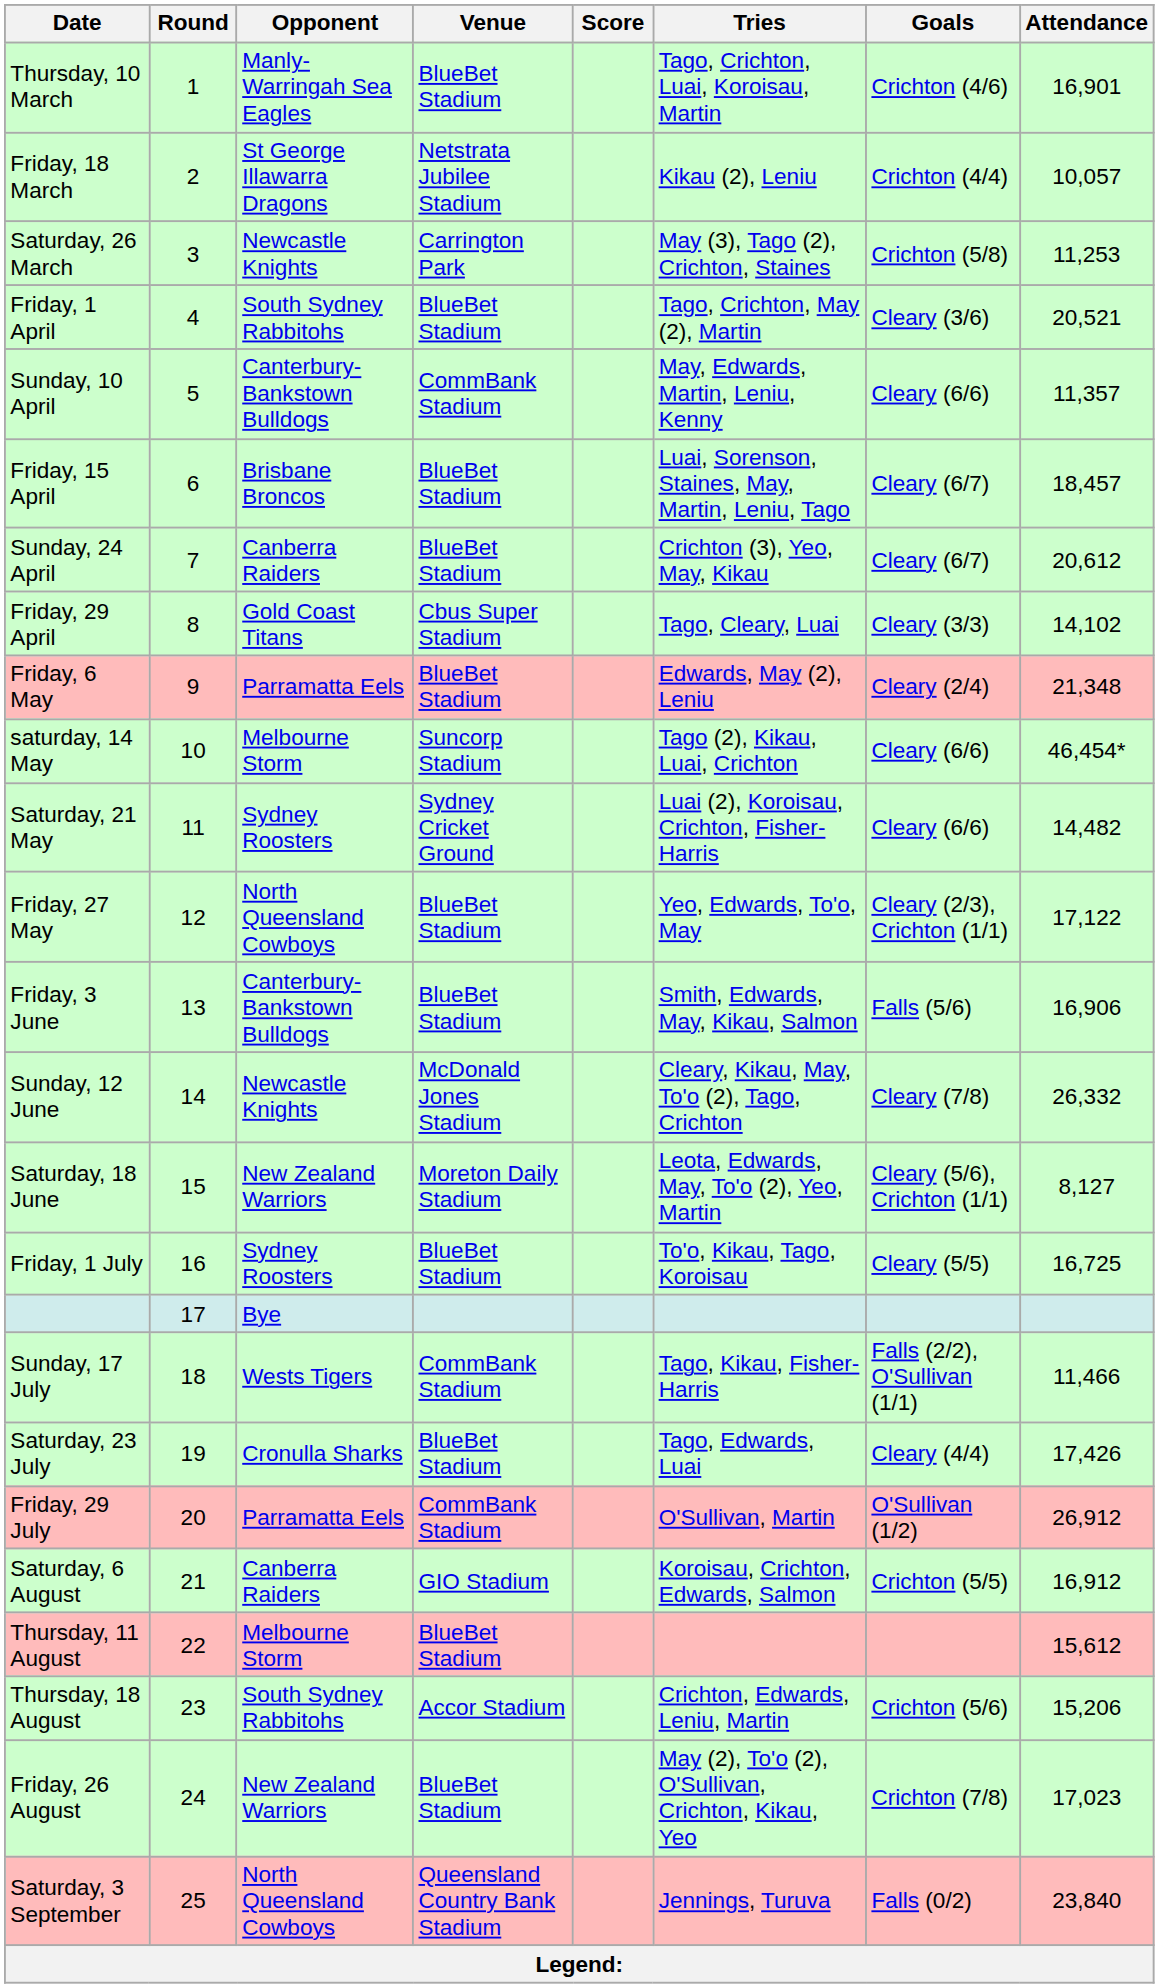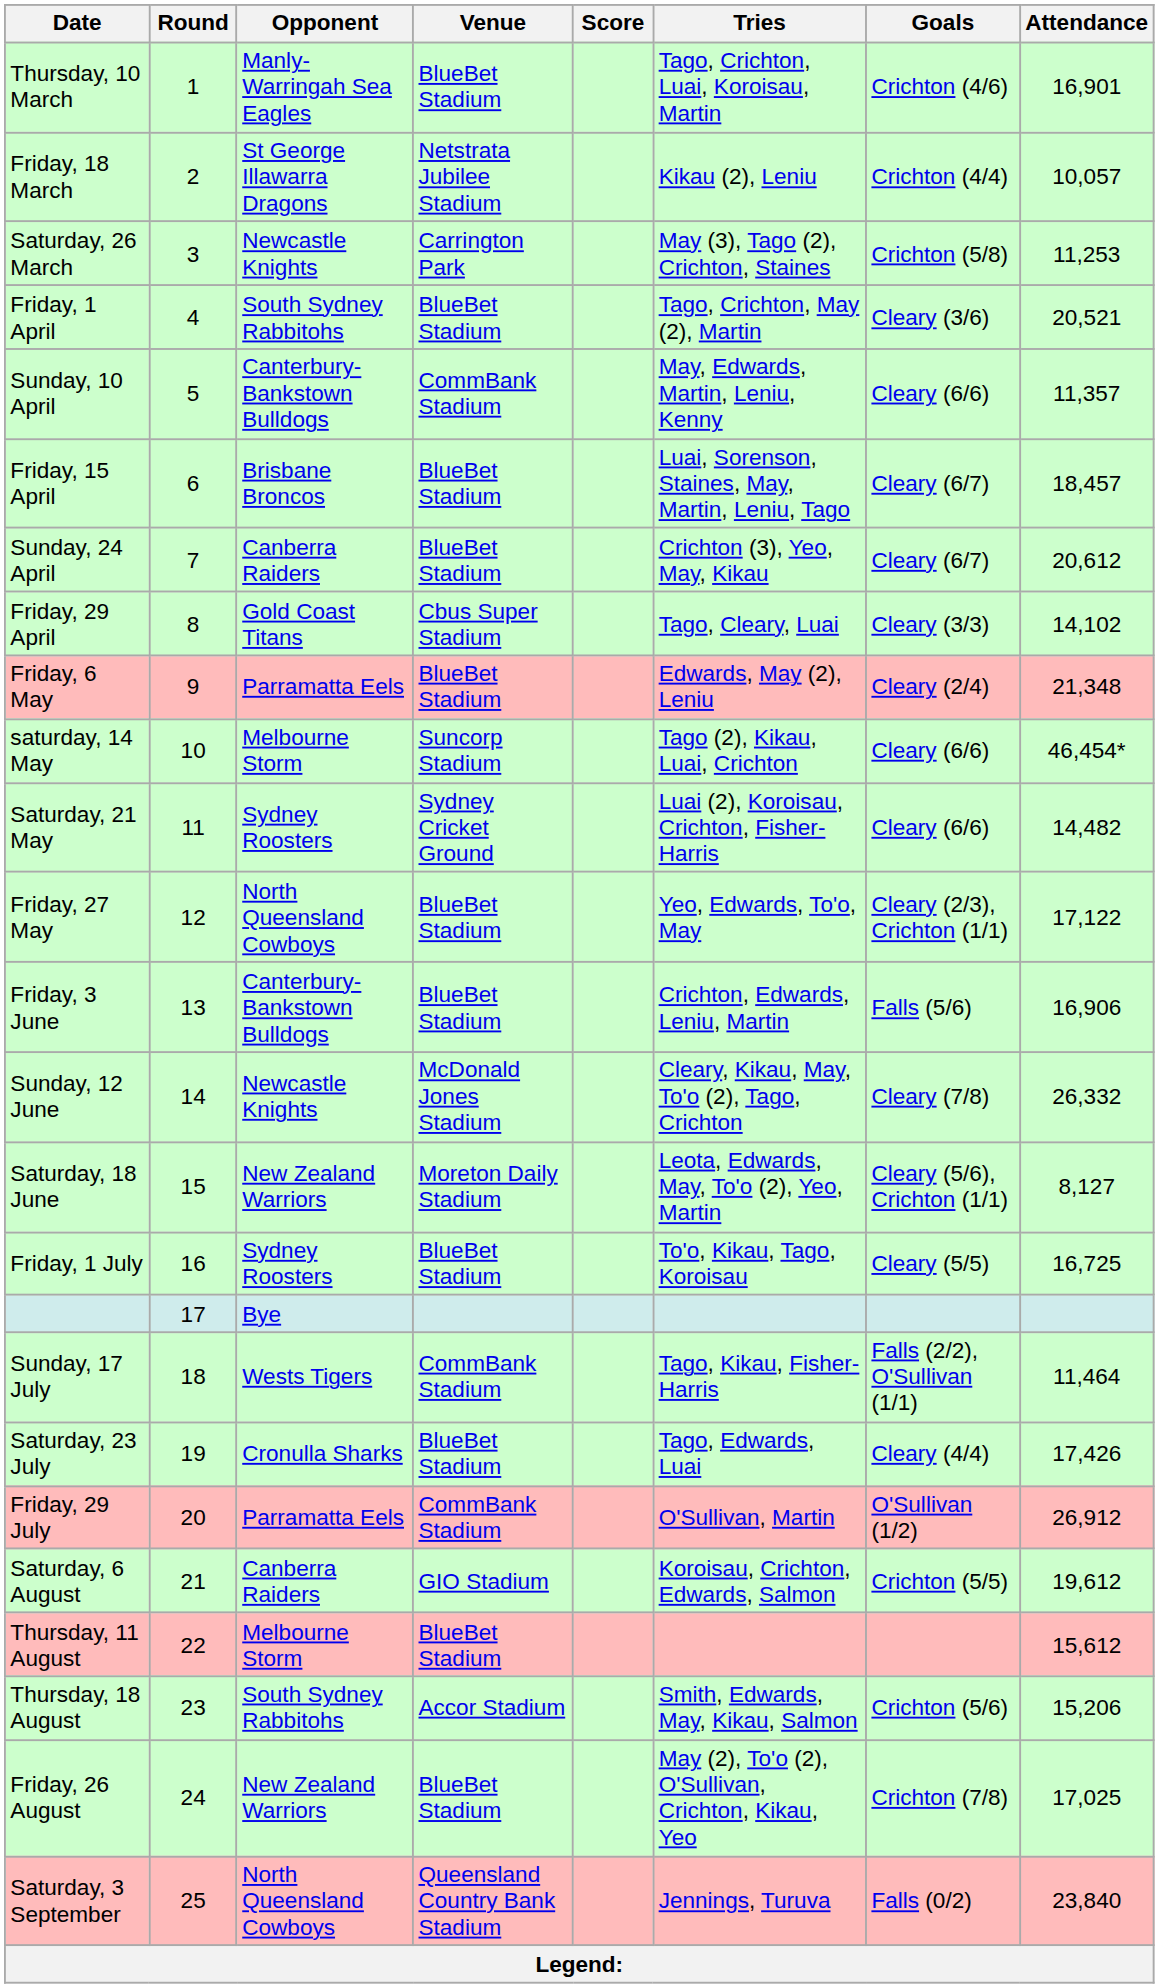 <table class="wikitable" style="font-size:75%;">
 <tr>
 <th style="width:115px;">Date</th>
 <th style="width:50px;">Round</th>
 <th style="width:170px;">Opponent</th>
 <th style="width:130px;">Venue</th>
 <th style="width:50px;">Score</th>
 <th style="width:285px;">Tries</th>
 <th style="width:155px;">Goals</th>
 <th style="width:60px;">Attendance</th>
 </tr>
 <tr style="background: #CCFFCC">
 <td>Thursday, 10 March</td>
 <td style="text-align:center;">1</td>
 <td> <a href='#'>Manly-Warringah Sea Eagles</a></td>
 <td><a href='#'>BlueBet Stadium</a></td>
 <td style="text-align:center;"></td>
 <td><a href='#'>Tago</a>, <a href='#'>Crichton</a>, <a href='#'>Luai</a>, <a href='#'>Koroisau</a>, <a href='#'>Martin</a></td>
 <td><a href='#'>Crichton</a> (4/6)</td>
 <td style="text-align:center;">16,901</td>
 </tr>
 <tr style="background: #CCFFCC">
 <td>Friday, 18 March</td>
 <td style="text-align:center;">2</td>
 <td> <a href='#'>St George Illawarra Dragons</a></td>
 <td><a href='#'>Netstrata Jubilee Stadium</a></td>
 <td style="text-align:center;"></td>
 <td><a href='#'>Kikau</a> (2), <a href='#'>Leniu</a></td>
 <td><a href='#'>Crichton</a> (4/4)</td>
 <td style="text-align:center;">10,057</td>
 </tr>
 <tr style="background: #CCFFCC">
 <td>Saturday, 26 March</td>
 <td style="text-align:center;">3</td>
 <td> <a href='#'>Newcastle Knights</a></td>
 <td><a href='#'>Carrington Park</a></td>
 <td style="text-align:center;"></td>
 <td><a href='#'>May</a> (3), <a href='#'>Tago</a> (2), <a href='#'>Crichton</a>, <a href='#'>Staines</a></td>
 <td><a href='#'>Crichton</a> (5/8)</td>
 <td style="text-align:center;">11,253</td>
 </tr>
 <tr style="background: #CCFFCC">
 <td>Friday, 1 April</td>
 <td style="text-align:center;">4</td>
 <td> <a href='#'>South Sydney Rabbitohs</a></td>
 <td><a href='#'>BlueBet Stadium</a></td>
 <td style="text-align:center;"></td>
 <td><a href='#'>Tago</a>, <a href='#'>Crichton</a>, <a href='#'>May</a> (2), <a href='#'>Martin</a></td>
 <td><a href='#'>Cleary</a> (3/6)</td>
 <td style="text-align:center;">20,521</td>
 </tr>
 <tr style="background: #CCFFCC">
 <td>Sunday, 10 April</td>
 <td style="text-align:center;">5</td>
 <td> <a href='#'>Canterbury-Bankstown Bulldogs</a></td>
 <td><a href='#'>CommBank Stadium</a></td>
 <td style="text-align:center;"></td>
 <td><a href='#'>May</a>, <a href='#'>Edwards</a>, <a href='#'>Martin</a>, <a href='#'>Leniu</a>, <a href='#'>Kenny</a></td>
 <td><a href='#'>Cleary</a> (6/6)</td>
 <td style="text-align:center;">11,357</td>
 </tr>
 <tr style="background: #CCFFCC">
 <td>Friday, 15 April</td>
 <td style="text-align:center;">6</td>
 <td> <a href='#'>Brisbane Broncos</a></td>
 <td><a href='#'>BlueBet Stadium</a></td>
 <td style="text-align:center;"></td>
 <td><a href='#'>Luai</a>, <a href='#'>Sorenson</a>, <a href='#'>Staines</a>, <a href='#'>May</a>, <a href='#'>Martin</a>, <a href='#'>Leniu</a>, <a href='#'>Tago</a></td>
 <td><a href='#'>Cleary</a> (6/7)</td>
 <td style="text-align:center;">18,457</td>
 </tr>
 <tr style="background: #CCFFCC">
 <td>Sunday, 24 April</td>
 <td style="text-align:center;">7</td>
 <td> <a href='#'>Canberra Raiders</a></td>
 <td><a href='#'>BlueBet Stadium</a></td>
 <td style="text-align:center;"></td>
 <td><a href='#'>Crichton</a> (3), <a href='#'>Yeo</a>, <a href='#'>May</a>, <a href='#'>Kikau</a></td>
 <td><a href='#'>Cleary</a> (6/7)</td>
 <td style="text-align:center;">20,612</td>
 </tr>
 <tr style="background: #CCFFCC">
 <td>Friday, 29 April</td>
 <td style="text-align:center;">8</td>
 <td> <a href='#'>Gold Coast Titans</a></td>
 <td><a href='#'>Cbus Super Stadium</a></td>
 <td style="text-align:center;"></td>
 <td><a href='#'>Tago</a>, <a href='#'>Cleary</a>, <a href='#'>Luai</a></td>
 <td><a href='#'>Cleary</a> (3/3)</td>
 <td style="text-align:center;">14,102</td>
 </tr>
 <tr style="background:#FFBBBB">
 <td>Friday, 6 May</td>
 <td style="text-align:center;">9</td>
 <td> <a href='#'>Parramatta Eels</a></td>
 <td><a href='#'>BlueBet Stadium</a></td>
 <td style="text-align:center;"></td>
 <td><a href='#'>Edwards</a>, <a href='#'>May</a> (2), <a href='#'>Leniu</a></td>
 <td><a href='#'>Cleary</a> (2/4)</td>
 <td style="text-align:center;">21,348</td>
 </tr>
 <tr style="background: #CCFFCC">
 <td>saturday, 14 May</td>
 <td style="text-align:center;">10</td>
 <td> <a href='#'>Melbourne Storm</a></td>
 <td><a href='#'>Suncorp Stadium</a></td>
 <td style="text-align:center;"></td>
 <td><a href='#'>Tago</a> (2), <a href='#'>Kikau</a>, <a href='#'>Luai</a>, <a href='#'>Crichton</a></td>
 <td><a href='#'>Cleary</a> (6/6)</td>
 <td style="text-align:center;">46,454*</td>
 </tr>
 <tr style="background: #CCFFCC">
 <td>Saturday, 21 May</td>
 <td style="text-align:center;">11</td>
 <td> <a href='#'>Sydney Roosters</a></td>
 <td><a href='#'>Sydney Cricket Ground</a></td>
 <td style="text-align:center;"></td>
 <td><a href='#'>Luai</a> (2), <a href='#'>Koroisau</a>, <a href='#'>Crichton</a>, <a href='#'>Fisher-Harris</a></td>
 <td><a href='#'>Cleary</a> (6/6)</td>
 <td style="text-align:center;">14,482</td>
 </tr>
 <tr style="background: #CCFFCC">
 <td>Friday, 27 May</td>
 <td style="text-align:center;">12</td>
 <td> <a href='#'>North Queensland Cowboys</a></td>
 <td><a href='#'>BlueBet Stadium</a></td>
 <td style="text-align:center;"></td>
 <td><a href='#'>Yeo</a>, <a href='#'>Edwards</a>, <a href='#'>To'o</a>, <a href='#'>May</a></td>
 <td><a href='#'>Cleary</a> (2/3), <a href='#'>Crichton</a> (1/1)</td>
 <td style="text-align:center;">17,122</td>
 </tr>
 <tr style="background: #CCFFCC">
 <td>Friday, 3 June</td>
 <td style="text-align:center;">13</td>
 <td> <a href='#'>Canterbury-Bankstown Bulldogs</a></td>
 <td><a href='#'>BlueBet Stadium</a></td>
 <td [style="text-align:center;"></td>
-<td><a href='#'>Smith</a>, <a href='#'>Edwards</a>, <a href='#'>May</a>, <a href='#'>Kikau</a>, <a href='#'>Salmon</a></td>
+<td><a href='#'>Crichton</a>, <a href='#'>Edwards</a>, <a href='#'>Leniu</a>, <a href='#'>Martin</a></td>
 <td><a href='#'>Falls</a> (5/6)</td>
 <td style="text-align:center;">16,906</td>
 </tr>
 <tr style="background: #CCFFCC">
 <td>Sunday, 12 June</td>
 <td style="text-align:center;">14</td>
 <td> <a href='#'>Newcastle Knights</a></td>
 <td><a href='#'>McDonald Jones Stadium</a></td>
 <td [style="text-align:center;"></td>
 <td><a href='#'>Cleary</a>, <a href='#'>Kikau</a>, <a href='#'>May</a>, <a href='#'>To'o</a> (2), <a href='#'>Tago</a>, <a href='#'>Crichton</a></td>
 <td><a href='#'>Cleary</a> (7/8)</td>
 <td style="text-align:center;">26,332</td>
 </tr>
 <tr style="background: #CCFFCC">
 <td>Saturday, 18 June</td>
 <td style="text-align:center;">15</td>
 <td> <a href='#'>New Zealand Warriors</a></td>
 <td><a href='#'>Moreton Daily Stadium</a></td>
 <td [style="text-align:center;"></td>
 <td><a href='#'>Leota</a>, <a href='#'>Edwards</a>, <a href='#'>May</a>, <a href='#'>To'o</a> (2), <a href='#'>Yeo</a>, <a href='#'>Martin</a></td>
 <td><a href='#'>Cleary</a> (5/6), <a href='#'>Crichton</a> (1/1)</td>
 <td style="text-align:center;">8,127</td>
 </tr>
 <tr style="background: #CCFFCC">
 <td>Friday, 1 July</td>
 <td style="text-align:center;">16</td>
 <td> <a href='#'>Sydney Roosters</a></td>
 <td><a href='#'>BlueBet Stadium</a></td>
 <td [style="text-align:center;"></td>
 <td><a href='#'>To'o</a>, <a href='#'>Kikau</a>, <a href='#'>Tago</a>, <a href='#'>Koroisau</a></td>
 <td><a href='#'>Cleary</a> (5/5)</td>
 <td style="text-align:center;">16,725</td>
 </tr>
 <tr bgcolor= #CFECEC>
 <td></td>
 <td style="text-align:center;">17</td>
 <td><a href='#'>Bye</a></td>
 <td></td>
 <td></td>
 <td></td>
 <td></td>
 <td></td>
 </tr>
 <tr style="background:#CCFFCC">
 <td>Sunday, 17 July</td>
 <td style="text-align:center;">18</td>
 <td> <a href='#'>Wests Tigers</a></td>
 <td><a href='#'>CommBank Stadium</a></td>
 <td style="text-align:center;"></td>
 <td><a href='#'>Tago</a>, <a href='#'>Kikau</a>, <a href='#'>Fisher-Harris</a></td>
 <td><a href='#'>Falls</a> (2/2), <a href='#'>O'Sullivan</a> (1/1)</td>
-<td style="text-align:center;">11,466</td>
+<td style="text-align:center;">11,464</td>
 </tr>
 <tr style="background:#CCFFCC">
 <td>Saturday, 23 July</td>
 <td style="text-align:center;">19</td>
 <td> <a href='#'>Cronulla Sharks</a></td>
 <td><a href='#'>BlueBet Stadium</a></td>
 <td style="text-align:center;"></td>
 <td><a href='#'>Tago</a>, <a href='#'>Edwards</a>, <a href='#'>Luai</a></td>
 <td><a href='#'>Cleary</a> (4/4)</td>
 <td style="text-align:center;">17,426</td>
 </tr>
 <tr style="background:#FFBBBB">
 <td>Friday, 29 July</td>
 <td style="text-align:center;">20</td>
 <td> <a href='#'>Parramatta Eels</a></td>
 <td><a href='#'>CommBank Stadium</a></td>
 <td style="text-align:center;"></td>
 <td><a href='#'>O'Sullivan</a>, <a href='#'>Martin</a></td>
 <td><a href='#'>O'Sullivan</a> (1/2)</td>
 <td style="text-align:center;">26,912</td>
 </tr>
 <tr style="background:#CCFFCC">
 <td>Saturday, 6 August</td>
 <td style="text-align:center;">21</td>
 <td> <a href='#'>Canberra Raiders</a></td>
 <td><a href='#'>GIO Stadium</a></td>
 <td style="text-align:center;"></td>
 <td><a href='#'>Koroisau</a>, <a href='#'>Crichton</a>, <a href='#'>Edwards</a>, <a href='#'>Salmon</a></td>
 <td><a href='#'>Crichton</a> (5/5)</td>
-<td style="text-align:center;">16,912</td>
+<td style="text-align:center;">19,612</td>
 </tr>
 <tr style="background:#FFBBBB">
 <td>Thursday, 11 August</td>
 <td style="text-align:center;">22</td>
 <td> <a href='#'>Melbourne Storm</a></td>
 <td><a href='#'>BlueBet Stadium</a></td>
 <td style="text-align:center;"></td>
 <td></td>
 <td></td>
 <td style="text-align:center;">15,612</td>
 </tr>
 <tr style="background:#CCFFCC">
 <td>Thursday, 18 August</td>
 <td style="text-align:center;">23</td>
 <td> <a href='#'>South Sydney Rabbitohs</a></td>
 <td><a href='#'>Accor Stadium</a></td>
 <td style="text-align:center;"></td>
-<td><a href='#'>Crichton</a>, <a href='#'>Edwards</a>, <a href='#'>Leniu</a>, <a href='#'>Martin</a></td>
+<td><a href='#'>Smith</a>, <a href='#'>Edwards</a>, <a href='#'>May</a>, <a href='#'>Kikau</a>, <a href='#'>Salmon</a></td>
 <td><a href='#'>Crichton</a> (5/6)</td>
 <td style="text-align:center;">15,206</td>
 </tr>
 <tr style="background:#CCFFCC">
 <td>Friday, 26 August</td>
 <td style="text-align:center;">24</td>
 <td> <a href='#'>New Zealand Warriors</a></td>
 <td><a href='#'>BlueBet Stadium</a></td>
 <td style="text-align:center;"></td>
 <td><a href='#'>May</a> (2), <a href='#'>To'o</a> (2), <a href='#'>O'Sullivan</a>, <a href='#'>Crichton</a>, <a href='#'>Kikau</a>, <a href='#'>Yeo</a></td>
 <td><a href='#'>Crichton</a> (7/8)</td>
-<td style="text-align:center;">17,023</td>
+<td style="text-align:center;">17,025</td>
 </tr>
 <tr style="background:#FFBBBB">
 <td>Saturday, 3 September</td>
 <td style="text-align:center;">25</td>
 <td> <a href='#'>North Queensland Cowboys</a></td>
 <td><a href='#'>Queensland Country Bank Stadium</a></td>
 <td style="text-align:center;"></td>
 <td><a href='#'>Jennings</a>, <a href='#'>Turuva</a></td>
 <td><a href='#'>Falls</a> (0/2)</td>
 <td style="text-align:center;">23,840</td>
 </tr>
 <tr>
 <th colspan="9"><strong>Legend</strong>:    </th>
 </tr>
 </table>
